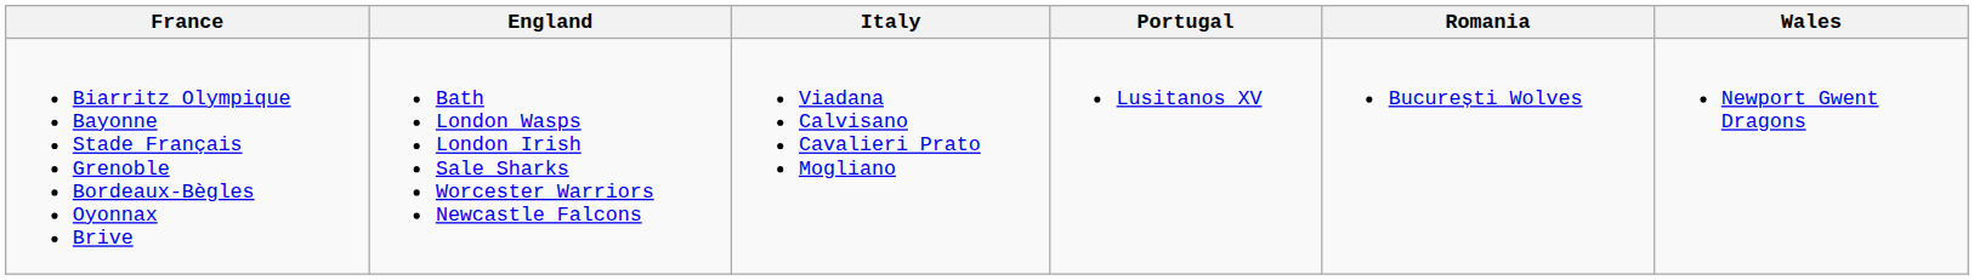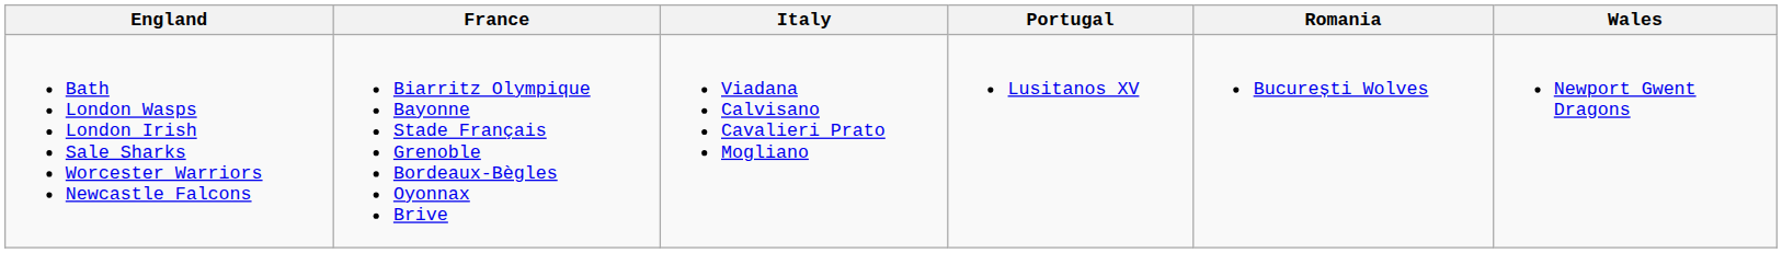 <table class="wikitable" style="width:100%;">
 <tr>
+<th>England</th>
 <th>France</th>
-<th>England</th>
 <th>Italy</th>
 <th>Portugal</th>
 <th>Romania</th>
 <th width=16%>Wales</th>
 </tr>
 <tr valign=top>
+<td><br><ul><li><a href='#'>Bath</a></li><li><a href='#'>London Wasps</a></li><li><a href='#'>London Irish</a></li><li><a href='#'>Sale Sharks</a></li><li><a href='#'>Worcester Warriors</a></li><li><a href='#'>Newcastle Falcons</a></li></ul></td>
 <td><br><ul><li><a href='#'>Biarritz Olympique</a></li><li><a href='#'>Bayonne</a></li><li><a href='#'>Stade Français</a></li><li><a href='#'>Grenoble</a></li><li><a href='#'>Bordeaux-Bègles</a></li><li><a href='#'>Oyonnax</a></li><li><a href='#'>Brive</a></li></ul></td>
-<td><br><ul><li><a href='#'>Bath</a></li><li><a href='#'>London Wasps</a></li><li><a href='#'>London Irish</a></li><li><a href='#'>Sale Sharks</a></li><li><a href='#'>Worcester Warriors</a></li><li><a href='#'>Newcastle Falcons</a></li></ul></td>
 <td><br><ul><li><a href='#'>Viadana</a></li><li><a href='#'>Calvisano</a></li><li><a href='#'>Cavalieri Prato</a></li><li><a href='#'>Mogliano</a></li></ul></td>
 <td><br><ul><li><a href='#'>Lusitanos XV</a></li></ul></td>
 <td><br><ul><li><a href='#'>București Wolves</a></li></ul></td>
 <td><br><ul><li><a href='#'>Newport Gwent Dragons</a></li></ul></td>
 </tr>
 </table>
